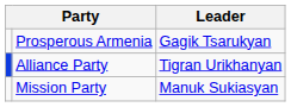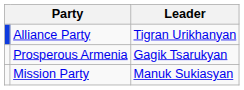 <table class="wikitable" style="text-align:left">
 <tr>
 <th colspan="2">Party</th>
 <th>Leader</th>
-</tr>
-<tr>
-<td></td>
-<td><a href='#'>Prosperous Armenia</a></td>
-<td><a href='#'>Gagik Tsarukyan</a></td>
 </tr>
 <tr>
 <td bgcolor="#0e3bdf"></td>
 <td><a href='#'>Alliance Party</a></td>
 <td><a href='#'>Tigran Urikhanyan</a></td>
 </tr>
 <tr>
 <td></td>
+<td><a href='#'>Prosperous Armenia</a></td>
+<td><a href='#'>Gagik Tsarukyan</a></td>
+</tr>
+<tr>
+<td></td>
 <td><a href='#'>Mission Party</a></td>
 <td><a href='#'>Manuk Sukiasyan</a></td>
 </tr>
 </table>
